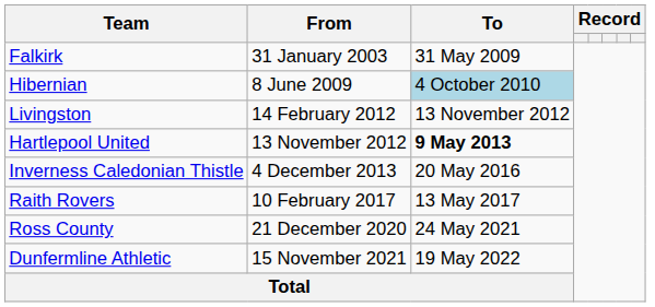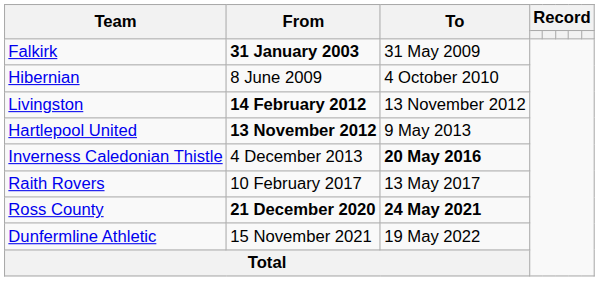 <table class=wikitable style="text-align: center">
 <tr>
 <th rowspan=2>Team</th>
 <th rowspan=2>From</th>
 <th rowspan=2>To</th>
 <th colspan=5>Record</th>
 </tr>
 <tr>
 <th></th>
 <th></th>
 <th></th>
 <th></th>
 <th></th>
 </tr>
 <tr>
 <td align=left><a href='#'>Falkirk</a></td>
-<td align=left>31 January 2003</td>
+<td align=left><strong>31 January 2003</strong></td>
 <td align=left>31 May 2009<br></td>
 </tr>
 <tr>
 <td align=left><a href='#'>Hibernian</a></td>
 <td align=left>8 June 2009</td>
-<td align=left style="background: lightblue;">4 October 2010<br></td>
+<td align=left>4 October 2010<br></td>
 </tr>
 <tr>
 <td align=left><a href='#'>Livingston</a></td>
-<td align=left>14 February 2012</td>
+<td align=left><strong>14 February 2012</strong></td>
 <td align=left>13 November 2012<br></td>
 </tr>
 <tr>
 <td align=left><a href='#'>Hartlepool United</a></td>
-<td align=left>13 November 2012</td>
-<td align=left><strong>9 May 2013<br></strong></td>
+<td align=left><strong>13 November 2012</strong></td>
+<td align=left>9 May 2013<br></td>
 </tr>
 <tr>
 <td align=left><a href='#'>Inverness Caledonian Thistle</a></td>
 <td align=left>4 December 2013</td>
-<td align=left>20 May 2016<br></td>
+<td align=left><strong>20 May 2016<br></strong></td>
 </tr>
 <tr>
 <td align=left><a href='#'>Raith Rovers</a></td>
 <td align=left>10 February 2017</td>
 <td align=left>13 May 2017<br></td>
 </tr>
 <tr>
 <td align=left><a href='#'>Ross County</a></td>
-<td align=left>21 December 2020</td>
-<td align=left>24 May 2021<br></td>
+<td align=left><strong>21 December 2020</strong></td>
+<td align=left><strong>24 May 2021<br></strong></td>
 </tr>
 <tr>
 <td align=left><a href='#'>Dunfermline Athletic</a></td>
 <td align=left>15 November 2021</td>
 <td align=left>19 May 2022<br></td>
 </tr>
 <tr>
 <th colspan=3>Total<br></th>
 </tr>
 </table>
